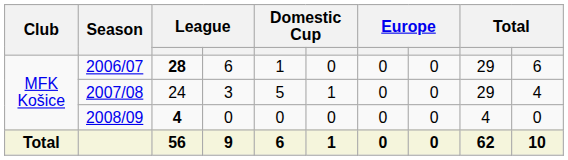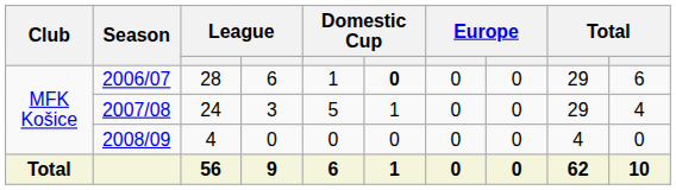 <table class="wikitable" align=center style="font-size:90%; text-align: center;">
 <tr>
 <th width=60 rowspan="2">Club</th>
 <th width=60 rowspan="2">Season</th>
 <th width=80 colspan="2">League</th>
 <th width=80 colspan="2">Domestic Cup</th>
 <th width=80 colspan="2"><a href='#'>Europe</a></th>
 <th width=80 colspan="2">Total</th>
 </tr>
 <tr align=center>
 <th width=40 App></th>
 <th width=40 abbr="Goals for"></th>
 <th width=40 App></th>
 <th width=40 abbr="Goals for"></th>
 <th width=40 App></th>
 <th width=40 abbr="Goals for"></th>
 <th width=40 App></th>
 <th width=40 abbr="Goals for"></th>
 </tr>
 <tr align=center>
 <td rowspan="3" valign=center><a href='#'>MFK Košice</a></td>
 <td><a href='#'>2006/07</a></td>
-<td><strong>28</strong></td>
+<td>28</td>
 <td>6</td>
 <td>1</td>
-<td>0</td>
+<td><strong>0</strong></td>
 <td>0</td>
 <td>0</td>
 <td>29</td>
 <td>6</td>
 </tr>
 <tr align=center>
 <td><a href='#'>2007/08</a></td>
 <td>24</td>
 <td>3</td>
 <td>5</td>
 <td>1</td>
 <td>0</td>
 <td>0</td>
 <td>29</td>
 <td>4</td>
 </tr>
 <tr align=center>
 <td><a href='#'>2008/09</a></td>
-<td><strong>4</strong></td>
+<td>4</td>
 <td>0</td>
 <td>0</td>
 <td>0</td>
 <td>0</td>
 <td>0</td>
 <td>4</td>
 <td>0</td>
 </tr>
 <tr align=center>
 <th align=left style="background:beige">Total</th>
 <th align=left style="background:beige"></th>
 <th align=left style="background:beige">56</th>
 <th align=left style="background:beige">9</th>
 <th align=left style="background:beige">6</th>
 <th align=left style="background:beige">1</th>
 <th align=left style="background:beige">0</th>
 <th align=left style="background:beige">0</th>
 <th align=left style="background:beige">62</th>
 <th align=left style="background:beige">10</th>
 </tr>
 </table>
